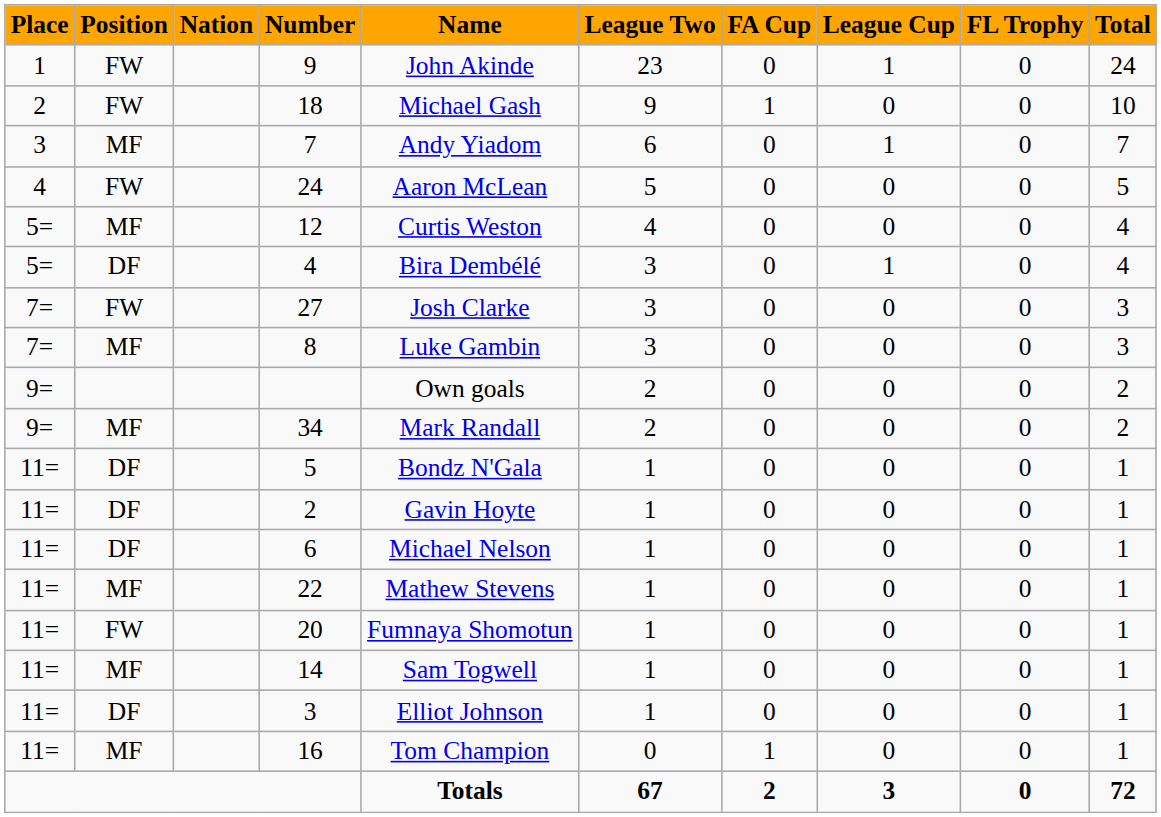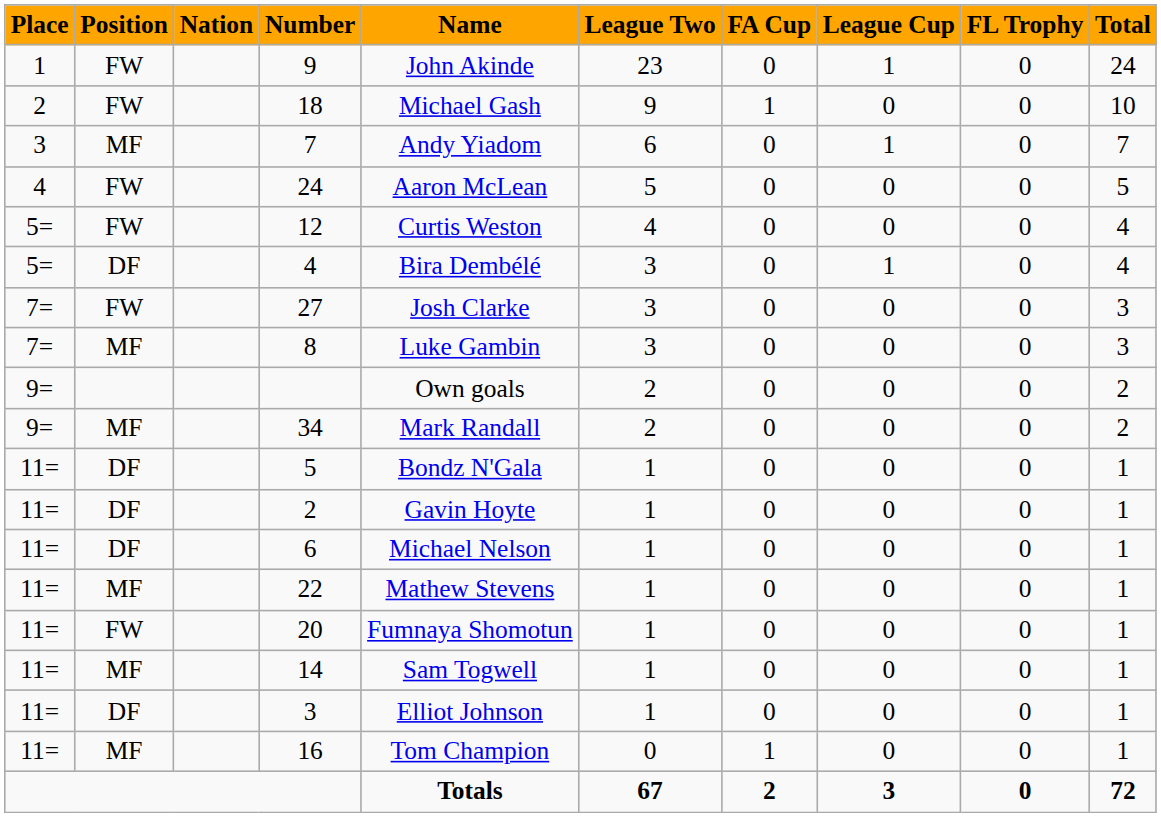 <table class="wikitable" style="width=100%; text-align:center;">
 <tr>
 <th style="background:orange; color:black;width=8%">Place</th>
 <th style="background:orange; color:black;width=8%">Position</th>
 <th style="background:orange; color:black;width=8%">Nation</th>
 <th style="background:orange; color:black;width=8%">Number</th>
 <th style="background:orange; color:black;width=14%">Name</th>
 <th style="background:orange; color:black;width=120">League Two</th>
 <th style="background:orange; color:black;width=120">FA Cup</th>
 <th style="background:orange; color:black;width=120">League Cup</th>
 <th style="background:orange; color:black;width=120">FL Trophy</th>
 <th style="background:orange; color:black;width=120">Total</th>
 </tr>
 <tr>
 <td>1</td>
 <td>FW</td>
 <td></td>
 <td>9</td>
 <td><a href='#'>John Akinde</a></td>
 <td>23</td>
 <td>0</td>
 <td>1</td>
 <td>0</td>
 <td>24</td>
 </tr>
 <tr>
 <td>2</td>
 <td>FW</td>
 <td></td>
 <td>18</td>
 <td><a href='#'>Michael Gash</a></td>
 <td>9</td>
 <td>1</td>
 <td>0</td>
 <td>0</td>
 <td>10</td>
 </tr>
 <tr>
 <td>3</td>
 <td>MF</td>
 <td></td>
 <td>7</td>
 <td><a href='#'>Andy Yiadom</a></td>
 <td>6</td>
 <td>0</td>
 <td>1</td>
 <td>0</td>
 <td>7</td>
 </tr>
 <tr>
 <td>4</td>
 <td>FW</td>
 <td></td>
 <td>24</td>
 <td><a href='#'>Aaron McLean</a></td>
 <td>5</td>
 <td>0</td>
 <td>0</td>
 <td>0</td>
 <td>5</td>
 </tr>
 <tr>
 <td>5=</td>
-<td>MF</td>
+<td>FW</td>
 <td></td>
 <td>12</td>
 <td><a href='#'>Curtis Weston</a></td>
 <td>4</td>
 <td>0</td>
 <td>0</td>
 <td>0</td>
 <td>4</td>
 </tr>
 <tr>
 <td>5=</td>
 <td>DF</td>
 <td></td>
 <td>4</td>
 <td><a href='#'>Bira Dembélé</a></td>
 <td>3</td>
 <td>0</td>
 <td>1</td>
 <td>0</td>
 <td>4</td>
 </tr>
 <tr>
 <td>7=</td>
 <td>FW</td>
 <td></td>
 <td>27</td>
 <td><a href='#'>Josh Clarke</a></td>
 <td>3</td>
 <td>0</td>
 <td>0</td>
 <td>0</td>
 <td>3</td>
 </tr>
 <tr>
 <td>7=</td>
 <td>MF</td>
 <td></td>
 <td>8</td>
 <td><a href='#'>Luke Gambin</a></td>
 <td>3</td>
 <td>0</td>
 <td>0</td>
 <td>0</td>
 <td>3</td>
 </tr>
 <tr>
 <td>9=</td>
 <td></td>
 <td></td>
 <td></td>
 <td>Own goals</td>
 <td>2</td>
 <td>0</td>
 <td>0</td>
 <td>0</td>
 <td>2</td>
 </tr>
 <tr>
 <td>9=</td>
 <td>MF</td>
 <td></td>
 <td>34</td>
 <td><a href='#'>Mark Randall</a></td>
 <td>2</td>
 <td>0</td>
 <td>0</td>
 <td>0</td>
 <td>2</td>
 </tr>
 <tr>
 <td>11=</td>
 <td>DF</td>
 <td></td>
 <td>5</td>
 <td><a href='#'>Bondz N'Gala</a></td>
 <td>1</td>
 <td>0</td>
 <td>0</td>
 <td>0</td>
 <td>1</td>
 </tr>
 <tr>
 <td>11=</td>
 <td>DF</td>
 <td></td>
 <td>2</td>
 <td><a href='#'>Gavin Hoyte</a></td>
 <td>1</td>
 <td>0</td>
 <td>0</td>
 <td>0</td>
 <td>1</td>
 </tr>
 <tr>
 <td>11=</td>
 <td>DF</td>
 <td></td>
 <td>6</td>
 <td><a href='#'>Michael Nelson</a></td>
 <td>1</td>
 <td>0</td>
 <td>0</td>
 <td>0</td>
 <td>1</td>
 </tr>
 <tr>
 <td>11=</td>
 <td>MF</td>
 <td></td>
 <td>22</td>
 <td><a href='#'>Mathew Stevens</a></td>
 <td>1</td>
 <td>0</td>
 <td>0</td>
 <td>0</td>
 <td>1</td>
 </tr>
 <tr>
 <td>11=</td>
 <td>FW</td>
 <td></td>
 <td>20</td>
 <td><a href='#'>Fumnaya Shomotun</a></td>
 <td>1</td>
 <td>0</td>
 <td>0</td>
 <td>0</td>
 <td>1</td>
 </tr>
 <tr>
 <td>11=</td>
 <td>MF</td>
 <td></td>
 <td>14</td>
 <td><a href='#'>Sam Togwell</a></td>
 <td>1</td>
 <td>0</td>
 <td>0</td>
 <td>0</td>
 <td>1</td>
 </tr>
 <tr>
 <td>11=</td>
 <td>DF</td>
 <td></td>
 <td>3</td>
 <td><a href='#'>Elliot Johnson</a></td>
 <td>1</td>
 <td>0</td>
 <td>0</td>
 <td>0</td>
 <td>1</td>
 </tr>
 <tr>
 <td>11=</td>
 <td>MF</td>
 <td></td>
 <td>16</td>
 <td><a href='#'>Tom Champion</a></td>
 <td>0</td>
 <td>1</td>
 <td>0</td>
 <td>0</td>
 <td>1</td>
 </tr>
 <tr>
 <td colspan="4"></td>
 <td><strong>Totals</strong></td>
 <td><strong>67</strong></td>
 <td><strong>2</strong></td>
 <td><strong>3</strong></td>
 <td><strong>0</strong></td>
 <td><strong>72</strong></td>
 </tr>
 </table>
